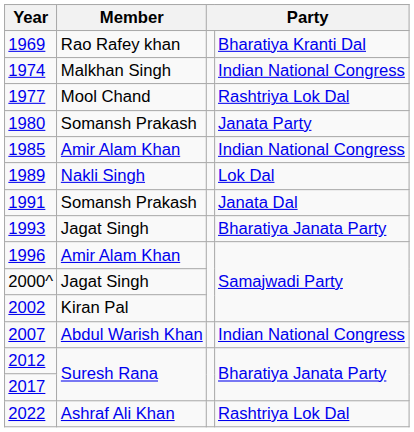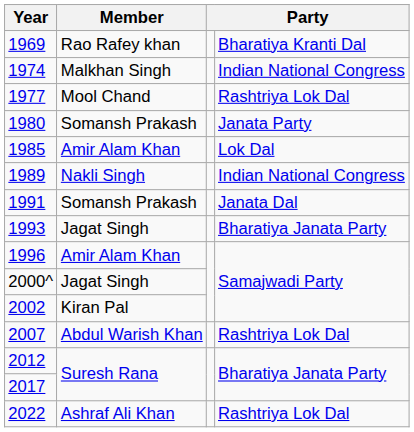 <table class="wikitable">
 <tr>
 <th>Year</th>
 <th>Member</th>
 <th colspan="2">Party</th>
 </tr>
 <tr>
 <td><a href='#'>1969</a></td>
 <td>Rao Rafey khan</td>
 <td style="background-color: "></td>
 <td><a href='#'>Bharatiya Kranti Dal</a></td>
 </tr>
 <tr>
 <td><a href='#'>1974</a></td>
 <td>Malkhan Singh</td>
 <td style="background-color: "></td>
 <td><a href='#'>Indian National Congress</a></td>
 </tr>
 <tr>
 <td><a href='#'>1977</a></td>
 <td>Mool Chand</td>
 <td style="background-color: "></td>
 <td><a href='#'>Rashtriya Lok Dal</a></td>
 </tr>
 <tr>
 <td><a href='#'>1980</a></td>
 <td>Somansh Prakash</td>
 <td style="background-color: "></td>
 <td><a href='#'>Janata Party</a></td>
 </tr>
 <tr>
 <td><a href='#'>1985</a></td>
 <td><a href='#'>Amir Alam Khan</a></td>
 <td style="background-color: "></td>
-<td><a href='#'>Indian National Congress</a></td>
+<td><a href='#'>Lok Dal</a></td>
 </tr>
 <tr>
 <td><a href='#'>1989</a></td>
 <td><a href='#'>Nakli Singh</a></td>
 <td style="background-color: "></td>
-<td><a href='#'>Lok Dal</a></td>
+<td><a href='#'>Indian National Congress</a></td>
 </tr>
 <tr>
 <td><a href='#'>1991</a></td>
 <td>Somansh Prakash</td>
 <td style="background-color: "></td>
 <td><a href='#'>Janata Dal</a></td>
 </tr>
 <tr>
 <td><a href='#'>1993</a></td>
 <td>Jagat Singh</td>
 <td style="background-color: "></td>
 <td><a href='#'>Bharatiya Janata Party</a></td>
 </tr>
 <tr>
 <td><a href='#'>1996</a></td>
 <td><a href='#'>Amir Alam Khan</a></td>
 <td rowspan="3" style="background-color: "></td>
 <td rowspan="3"><a href='#'>Samajwadi Party</a></td>
 </tr>
 <tr>
 <td>2000^</td>
 <td>Jagat Singh</td>
 </tr>
 <tr>
 <td><a href='#'>2002</a></td>
 <td>Kiran Pal</td>
 </tr>
 <tr>
 <td><a href='#'>2007</a></td>
 <td><a href='#'>Abdul Warish Khan</a></td>
 <td style="background-color: "></td>
-<td><a href='#'>Indian National Congress</a></td>
+<td><a href='#'>Rashtriya Lok Dal</a></td>
 </tr>
 <tr>
 <td><a href='#'>2012</a></td>
 <td rowspan="2"><a href='#'>Suresh Rana</a></td>
 <td rowspan="2" style="background-color: "></td>
 <td rowspan="2"><a href='#'>Bharatiya Janata Party</a></td>
 </tr>
 <tr>
 <td><a href='#'>2017</a></td>
 </tr>
 <tr>
 <td><a href='#'>2022</a></td>
 <td><a href='#'>Ashraf Ali Khan</a></td>
 <td style="background-color: "></td>
 <td><a href='#'>Rashtriya Lok Dal</a></td>
 </tr>
 </table>
